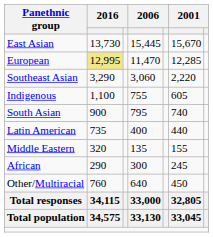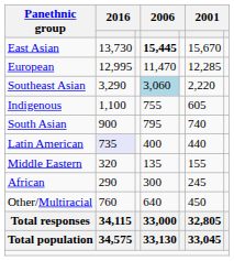 <table class="wikitable sortable">
 <tr>
 <th rowspan="2"><a href='#'>Panethnic</a><br>group</th>
 <th colspan="2">2016</th>
 <th colspan="2">2006</th>
 <th colspan="2">2001</th>
 </tr>
 <tr>
 <th><a href='#'></a></th>
 <th></th>
 <th></th>
 <th></th>
 <th></th>
 <th></th>
 </tr>
 <tr>
 <td><a href='#'>East Asian</a></td>
 <td>13,730</td>
 <td></td>
-<td>15,445</td>
+<td><strong>15,445</strong></td>
 <td></td>
 <td>15,670</td>
 <td></td>
 </tr>
 <tr>
 <td><a href='#'>European</a></td>
-<td style="background: khaki;">12,995</td>
+<td>12,995</td>
 <td></td>
 <td>11,470</td>
 <td></td>
 <td>12,285</td>
 <td></td>
 </tr>
 <tr>
 <td><a href='#'>Southeast Asian</a></td>
 <td>3,290</td>
 <td></td>
-<td>3,060</td>
+<td style="background: lightblue;">3,060</td>
 <td></td>
 <td>2,220</td>
 <td></td>
 </tr>
 <tr>
 <td><a href='#'>Indigenous</a></td>
 <td>1,100</td>
 <td></td>
 <td>755</td>
 <td></td>
 <td>605</td>
 <td></td>
 </tr>
 <tr>
 <td><a href='#'>South Asian</a></td>
 <td>900</td>
 <td></td>
 <td>795</td>
 <td></td>
 <td>740</td>
 <td></td>
 </tr>
 <tr>
 <td><a href='#'>Latin American</a></td>
-<td>735</td>
+<td style="background: lavender;">735</td>
 <td></td>
 <td>400</td>
 <td></td>
 <td>440</td>
 <td></td>
 </tr>
 <tr>
 <td><a href='#'>Middle Eastern</a></td>
 <td>320</td>
 <td></td>
 <td>135</td>
 <td></td>
 <td>155</td>
 <td></td>
 </tr>
 <tr>
 <td><a href='#'>African</a></td>
 <td>290</td>
 <td></td>
 <td>300</td>
 <td></td>
 <td>245</td>
 <td></td>
 </tr>
 <tr>
 <td>Other/<a href='#'>Multiracial</a></td>
 <td>760</td>
 <td></td>
 <td>640</td>
 <td></td>
 <td>450</td>
 <td></td>
 </tr>
 <tr>
 <th>Total responses</th>
 <th>34,115</th>
 <th></th>
 <th>33,000</th>
 <th></th>
 <th>32,805</th>
 <th></th>
 </tr>
 <tr>
 <th>Total population</th>
 <th>34,575</th>
 <th></th>
 <th>33,130</th>
 <th></th>
 <th>33,045</th>
 <th></th>
 </tr>
 <tr class="sortbottom">
 <td colspan="10"></td>
 </tr>
 </table>
